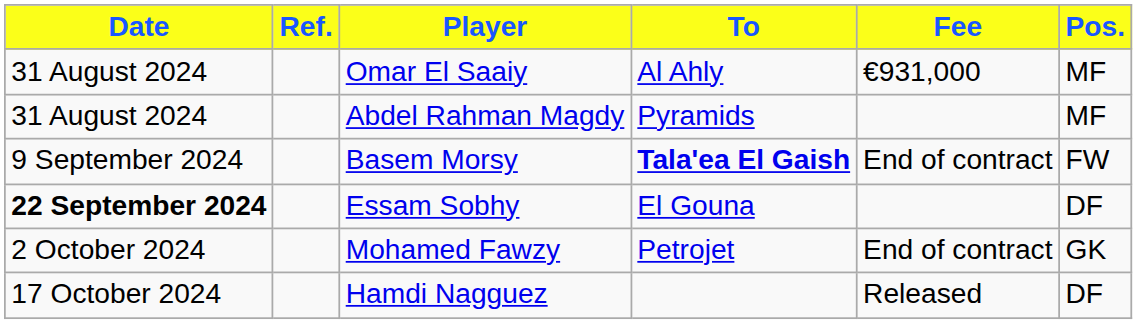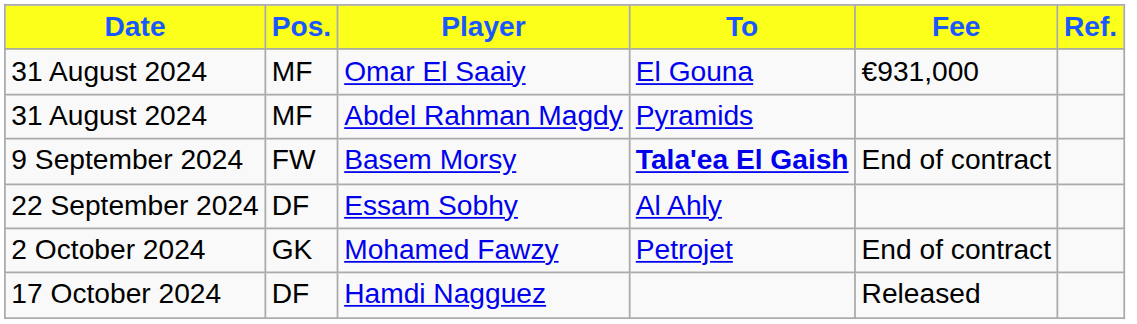 <table class="wikitable plainrowheaders sortable">
 <tr>
 <th style="background:#fbff19; color:#1957ff; ">Date</th>
-<th style="background:#fbff19; color:#1957ff; ">Ref.</th>
+<th style="background:#fbff19; color:#1957ff; ">Pos.</th>
 <th style="background:#fbff19; color:#1957ff; ">Player</th>
 <th style="background:#fbff19; color:#1957ff; ">To</th>
 <th style="background:#fbff19; color:#1957ff; ">Fee</th>
-<th style="background:#fbff19; color:#1957ff; ">Pos.</th>
+<th style="background:#fbff19; color:#1957ff; ">Ref.</th>
 </tr>
 <tr>
 <td>31 August 2024</td>
+<td>MF</td>
+<td> <a href='#'>Omar El Saaiy</a></td>
+<td> <a href='#'>El Gouna</a></td>
+<td>€931,000</td>
 <td></td>
-<td> <a href='#'>Omar El Saaiy</a></td>
-<td> <a href='#'>Al Ahly</a></td>
-<td>€931,000</td>
-<td>MF</td>
 </tr>
 <tr>
 <td>31 August 2024</td>
-<td></td>
+<td>MF</td>
 <td> <a href='#'>Abdel Rahman Magdy</a></td>
 <td> <a href='#'>Pyramids</a></td>
 <td></td>
-<td>MF</td>
+<td></td>
 </tr>
 <tr>
 <td>9 September 2024</td>
-<td></td>
+<td>FW</td>
 <td> <a href='#'>Basem Morsy</a></td>
 <td><strong> <a href='#'>Tala'ea El Gaish</a></strong></td>
 <td>End of contract</td>
-<td>FW</td>
+<td></td>
 </tr>
 <tr>
-<td><strong>22 September 2024</strong></td>
+<td>22 September 2024</td>
+<td>DF</td>
+<td> <a href='#'>Essam Sobhy</a></td>
+<td> <a href='#'>Al Ahly</a></td>
 <td></td>
-<td> <a href='#'>Essam Sobhy</a></td>
-<td> <a href='#'>El Gouna</a></td>
 <td></td>
-<td>DF</td>
 </tr>
 <tr>
 <td>2 October 2024</td>
-<td></td>
+<td>GK</td>
 <td> <a href='#'>Mohamed Fawzy</a></td>
 <td> <a href='#'>Petrojet</a></td>
 <td>End of contract</td>
-<td>GK</td>
+<td></td>
 </tr>
 <tr>
 <td>17 October 2024</td>
-<td></td>
+<td>DF</td>
 <td> <a href='#'>Hamdi Nagguez</a></td>
 <td></td>
 <td>Released</td>
-<td>DF</td>
+<td></td>
 </tr>
 </table>
